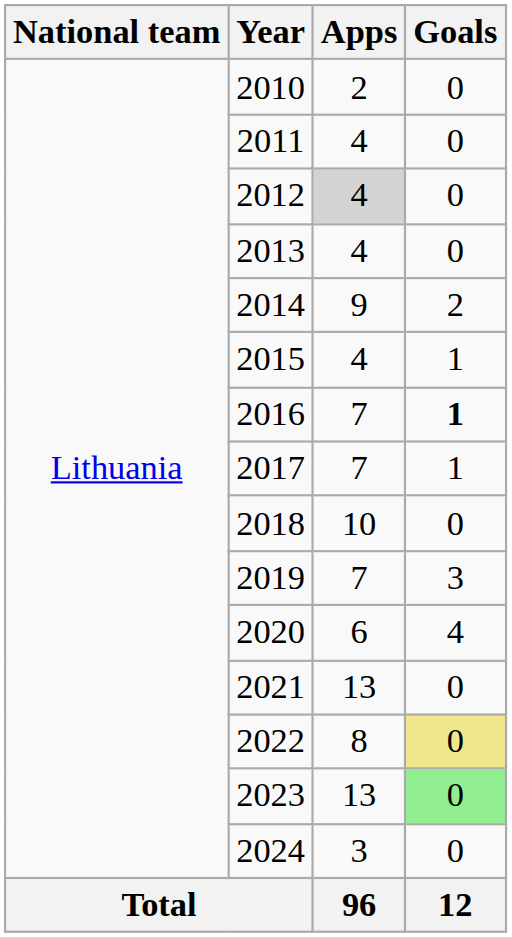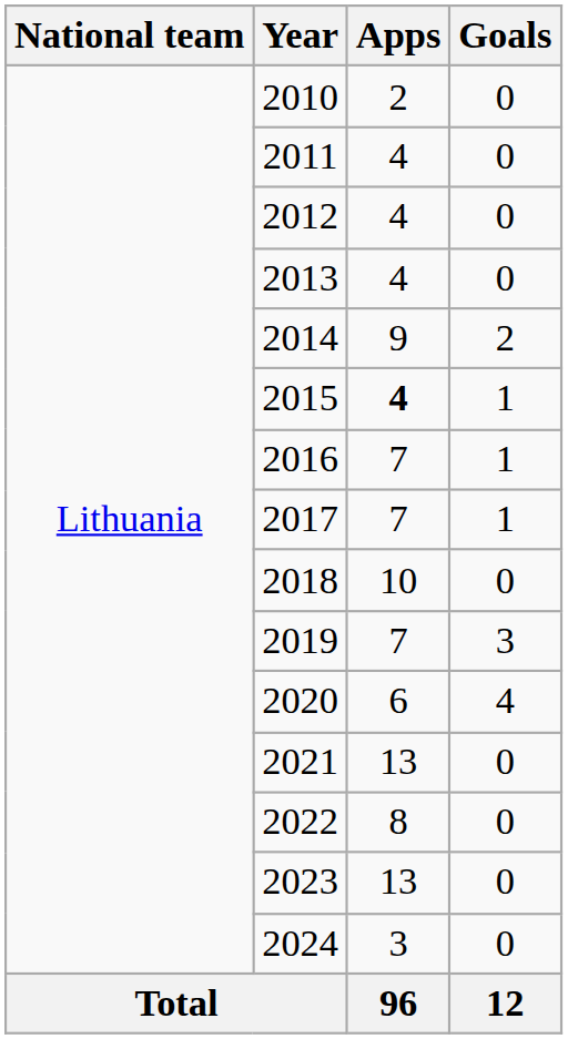 <table class="wikitable" style="text-align:center">
 <tr>
 <th>National team</th>
 <th>Year</th>
 <th>Apps</th>
 <th>Goals</th>
 </tr>
 <tr>
 <td rowspan="15"><a href='#'>Lithuania</a></td>
 <td>2010</td>
 <td>2</td>
 <td>0</td>
 </tr>
 <tr>
 <td>2011</td>
 <td>4</td>
 <td>0</td>
 </tr>
 <tr>
 <td>2012</td>
-<td style="background: lightgrey;">4</td>
+<td>4</td>
 <td>0</td>
 </tr>
 <tr>
 <td>2013</td>
 <td>4</td>
 <td>0</td>
 </tr>
 <tr>
 <td>2014</td>
 <td>9</td>
 <td>2</td>
 </tr>
 <tr>
 <td>2015</td>
-<td>4</td>
+<td><strong>4</strong></td>
 <td>1</td>
 </tr>
 <tr>
 <td>2016</td>
 <td>7</td>
-<td><strong>1</strong></td>
+<td>1</td>
 </tr>
 <tr>
 <td>2017</td>
 <td>7</td>
 <td>1</td>
 </tr>
 <tr>
 <td>2018</td>
 <td>10</td>
 <td>0</td>
 </tr>
 <tr>
 <td>2019</td>
 <td>7</td>
 <td>3</td>
 </tr>
 <tr>
 <td>2020</td>
 <td>6</td>
 <td>4</td>
 </tr>
 <tr>
 <td>2021</td>
 <td>13</td>
 <td>0</td>
 </tr>
 <tr>
 <td>2022</td>
 <td>8</td>
-<td style="background: khaki;">0</td>
+<td>0</td>
 </tr>
 <tr>
 <td>2023</td>
 <td>13</td>
-<td style="background: lightgreen;">0</td>
+<td>0</td>
 </tr>
 <tr>
 <td>2024</td>
 <td>3</td>
 <td>0</td>
 </tr>
 <tr>
 <th colspan="2">Total</th>
 <th>96</th>
 <th>12</th>
 </tr>
 </table>
